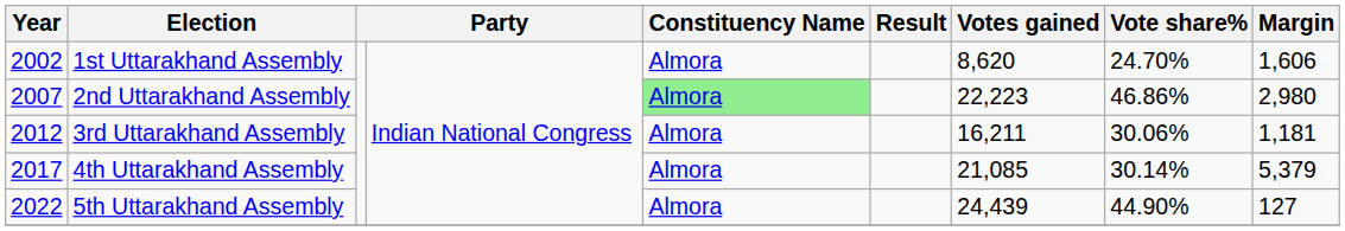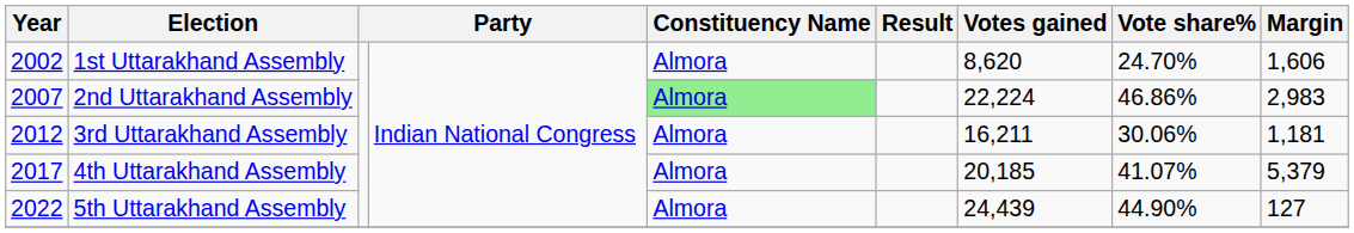 <table class="wikitable">
 <tr>
 <th>Year</th>
 <th>Election</th>
 <th colspan="2">Party</th>
 <th>Constituency Name</th>
 <th>Result</th>
 <th>Votes gained</th>
 <th>Vote share%</th>
 <th>Margin</th>
 </tr>
 <tr>
 <td><a href='#'>2002</a></td>
 <td><a href='#'>1st Uttarakhand Assembly</a></td>
 <td rowspan="5" style="background-color: "></td>
 <td rowspan="5"><a href='#'>Indian National Congress</a> </td>
 <td><a href='#'>Almora</a></td>
 <td></td>
 <td>8,620</td>
 <td>24.70%</td>
 <td>1,606</td>
 </tr>
 <tr>
 <td><a href='#'>2007</a></td>
 <td><a href='#'>2nd Uttarakhand Assembly</a></td>
 <td style="background: lightgreen;"><a href='#'>Almora</a></td>
 <td></td>
-<td>22,223</td>
+<td>22,224</td>
 <td>46.86%</td>
-<td>2,980</td>
+<td>2,983</td>
 </tr>
 <tr>
 <td><a href='#'>2012</a></td>
 <td><a href='#'>3rd Uttarakhand Assembly</a></td>
 <td><a href='#'>Almora</a></td>
 <td></td>
 <td>16,211</td>
 <td>30.06%</td>
 <td>1,181</td>
 </tr>
 <tr>
 <td><a href='#'>2017</a></td>
 <td><a href='#'>4th Uttarakhand Assembly</a></td>
 <td><a href='#'>Almora</a></td>
 <td></td>
-<td>21,085</td>
-<td>30.14%</td>
+<td>20,185</td>
+<td>41.07%</td>
 <td>5,379</td>
 </tr>
 <tr>
 <td><a href='#'>2022</a></td>
 <td><a href='#'>5th Uttarakhand Assembly</a></td>
 <td><a href='#'>Almora</a></td>
 <td></td>
 <td>24,439</td>
 <td>44.90%</td>
 <td>127</td>
 </tr>
 <tr>
 </tr>
 </table>
